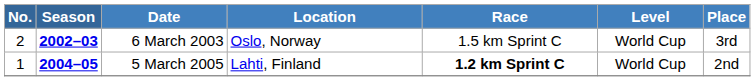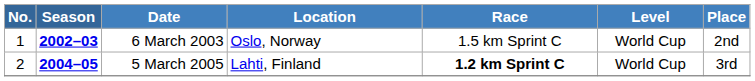 <table class="wikitable sortable" style="font-size:95%; text-align:center; border:grey solid 1px; border-collapse:collapse; background:#ffffff;">
 <tr style="background:#efefef;">
 <th style="background-color:#369; color:white;">No.</th>
 <th style="background-color:#369; color:white;">Season</th>
 <th style="background-color:#4180be; color:white; width:120px;">Date</th>
 <th style="background-color:#4180be; color:white; width:190px;">Location</th>
 <th style="background-color:#4180be; color:white; width:170px;">Race</th>
 <th style="background-color:#4180be; color:white; width:100px;">Level</th>
 <th style="background-color:#4180be; color:white;">Place</th>
 </tr>
 <tr>
-<td align=center>2</td>
+<td align=center>1</td>
 <td rowspan=1 align=center><strong><a href='#'>2002–03</a></strong></td>
 <td align=right>6 March 2003</td>
 <td align=left> <a href='#'>Oslo</a>, Norway</td>
 <td>1.5 km Sprint C</td>
 <td>World Cup</td>
-<td>3rd</td>
+<td>2nd</td>
 </tr>
 <tr>
-<td align=center>1</td>
+<td align=center>2</td>
 <td rowspan=1 align=center><strong><a href='#'>2004–05</a></strong></td>
 <td align=right>5 March 2005</td>
 <td align=left> <a href='#'>Lahti</a>, Finland</td>
 <td><strong>1.2 km Sprint C</strong></td>
 <td>World Cup</td>
-<td>2nd</td>
+<td>3rd</td>
 </tr>
 <tr>
 </tr>
 </table>
